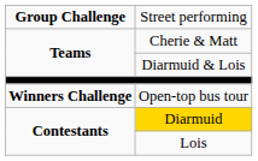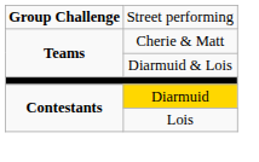 <table class="wikitable" style="text-align:center;">
 <tr>
 <td><strong>Group Challenge</strong></td>
 <td>Street performing</td>
 </tr>
 <tr>
 <td rowspan="2"><strong>Teams</strong></td>
 <td>Cherie & Matt</td>
 </tr>
 <tr>
 <td>Diarmuid & Lois</td>
 </tr>
 <tr>
 <td colspan="2" style="background:black;"></td>
 </tr>
 <tr>
-<td><strong>Winners Challenge</strong></td>
-<td>Open-top bus tour</td>
-</tr>
-<tr>
 <td rowspan="2"><strong>Contestants</strong></td>
 <td style="background:gold;">Diarmuid</td>
 </tr>
 <tr>
 <td>Lois</td>
 </tr>
 </table>
